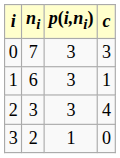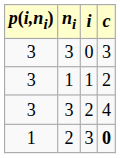 <table class="wikitable" style="text-align:center">
 <tr>
+<th style="background:#ffc"><em>p</em>(<em>i,n<sub>i</sub></em>)</th>
+<th style="background:#ffc"><em>n<sub>i</sub></em></th>
 <th style="background:#ffc"><em>i</em></th>
-<th style="background:#ffc"><em>n<sub>i</sub></em></th>
-<th style="background:#ffc"><em>p</em>(<em>i,n<sub>i</sub></em>)</th>
 <th style="background:#ffc"><em>c</em></th>
 </tr>
 <tr>
+<td>3</td>
+<td>3</td>
 <td>0</td>
-<td>7</td>
-<td>3</td>
 <td>3</td>
 </tr>
 <tr>
-<td>1</td>
-<td>6</td>
 <td>3</td>
 <td>1</td>
+<td>1</td>
+<td>2</td>
 </tr>
 <tr>
-<td>2</td>
 <td>3</td>
 <td>3</td>
+<td>2</td>
 <td>4</td>
 </tr>
 <tr>
+<td>1</td>
+<td>2</td>
 <td>3</td>
-<td>2</td>
-<td>1</td>
-<td>0</td>
+<td><strong>0</strong></td>
 </tr>
 </table>
